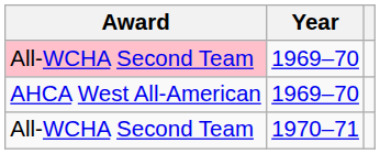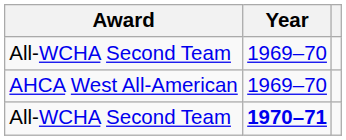 <table class="wikitable">
 <tr>
 <th>Award</th>
 <th>Year</th>
 <th></th>
 </tr>
 <tr>
-<td style="background: pink;">All-<a href='#'>WCHA</a> <a href='#'>Second Team</a></td>
+<td>All-<a href='#'>WCHA</a> <a href='#'>Second Team</a></td>
 <td><a href='#'>1969–70</a></td>
 <td></td>
 </tr>
 <tr>
 <td><a href='#'>AHCA</a> <a href='#'>West All-American</a></td>
 <td><a href='#'>1969–70</a></td>
 <td></td>
 </tr>
 <tr>
 <td>All-<a href='#'>WCHA</a> <a href='#'>Second Team</a></td>
-<td><a href='#'>1970–71</a></td>
+<td><strong><a href='#'>1970–71</a></strong></td>
 <td></td>
 </tr>
 </table>
